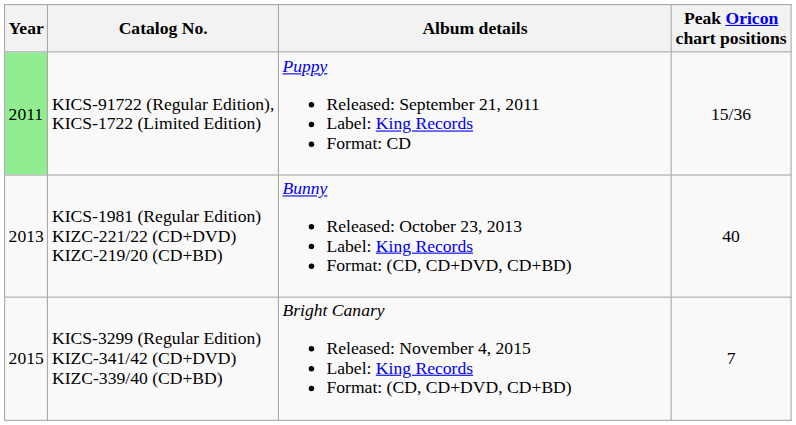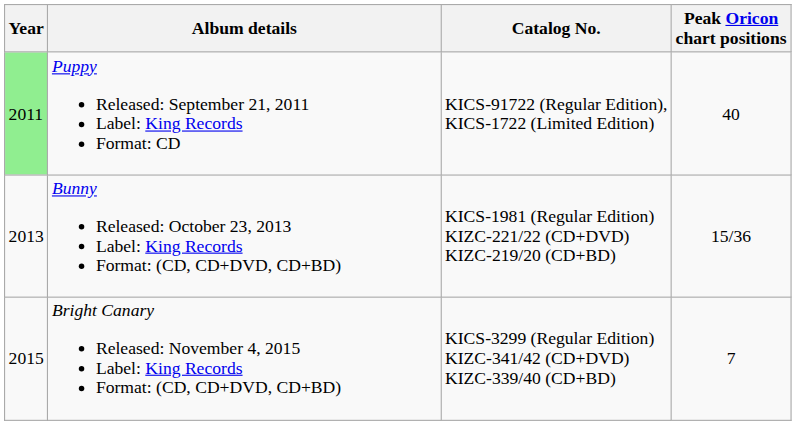 <table class="wikitable" border="1">
 <tr>
 <th rowspan="1">Year</th>
+<th rowspan="1" width="350">Album details</th>
 <th rowspan="1">Catalog No.</th>
-<th rowspan="1" width="350">Album details</th>
 <th colspan="1">Peak <a href='#'>Oricon</a><br> chart positions</th>
 </tr>
 <tr>
 <td style="background: lightgreen;">2011</td>
+<td align="left"><em><a href='#'>Puppy</a></em><br><ul><li>Released: September 21, 2011</li><li>Label: <a href='#'>King Records</a></li><li>Format: CD</li></ul></td>
 <td>KICS-91722 (Regular Edition),<br> KICS-1722 (Limited Edition)</td>
-<td align="left"><em><a href='#'>Puppy</a></em><br><ul><li>Released: September 21, 2011</li><li>Label: <a href='#'>King Records</a></li><li>Format: CD</li></ul></td>
+<td align="center">40</td>
+</tr>
+<tr>
+<td>2013</td>
+<td align="left"><em><a href='#'>Bunny</a></em><br><ul><li>Released: October 23, 2013</li><li>Label: <a href='#'>King Records</a></li><li>Format: (CD, CD+DVD, CD+BD)</li></ul></td>
+<td>KICS-1981 (Regular Edition) <br> KIZC-221/22 (CD+DVD) <br> KIZC-219/20 (CD+BD)</td>
 <td align="center">15/36</td>
 </tr>
 <tr>
-<td>2013</td>
-<td>KICS-1981 (Regular Edition) <br> KIZC-221/22 (CD+DVD) <br> KIZC-219/20 (CD+BD)</td>
-<td align="left"><em><a href='#'>Bunny</a></em><br><ul><li>Released: October 23, 2013</li><li>Label: <a href='#'>King Records</a></li><li>Format: (CD, CD+DVD, CD+BD)</li></ul></td>
-<td align="center">40</td>
-</tr>
-<tr>
 <td>2015</td>
+<td align="left"><em>Bright Canary</em><br><ul><li>Released: November 4, 2015</li><li>Label: <a href='#'>King Records</a></li><li>Format: (CD, CD+DVD, CD+BD)</li></ul></td>
 <td>KICS-3299 (Regular Edition) <br> KIZC-341/42 (CD+DVD) <br> KIZC-339/40 (CD+BD)</td>
-<td align="left"><em>Bright Canary</em><br><ul><li>Released: November 4, 2015</li><li>Label: <a href='#'>King Records</a></li><li>Format: (CD, CD+DVD, CD+BD)</li></ul></td>
 <td align="center">7</td>
 </tr>
 </table>
